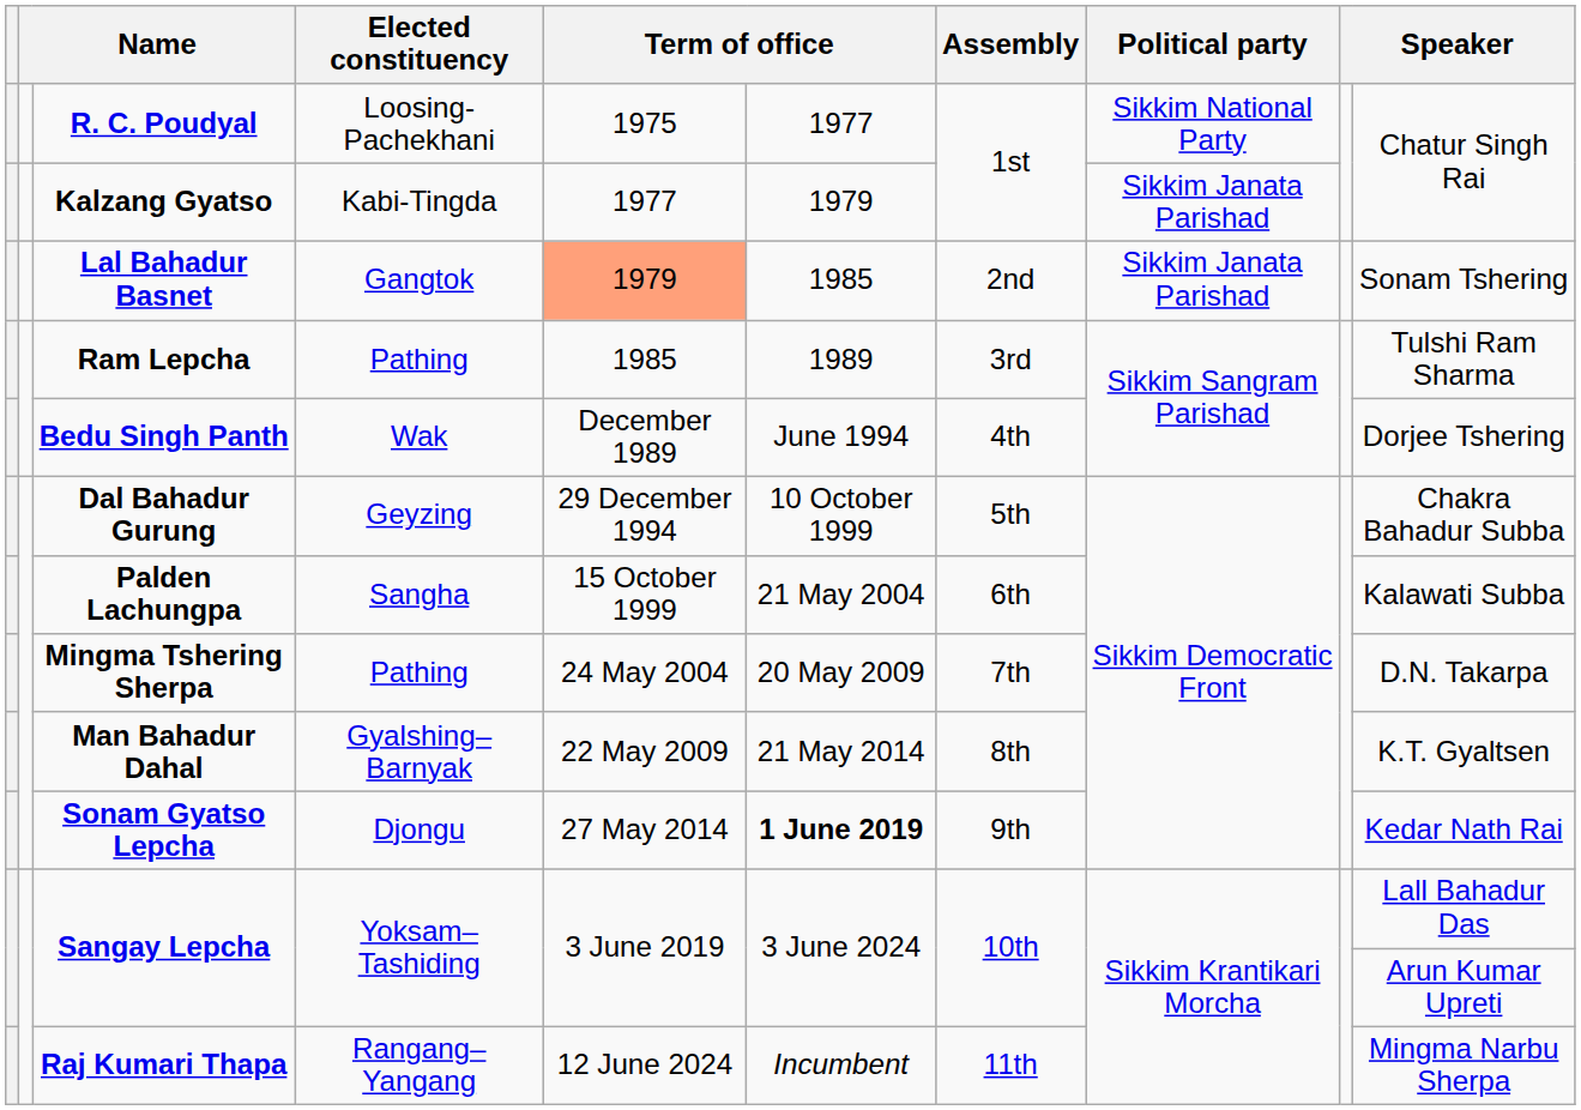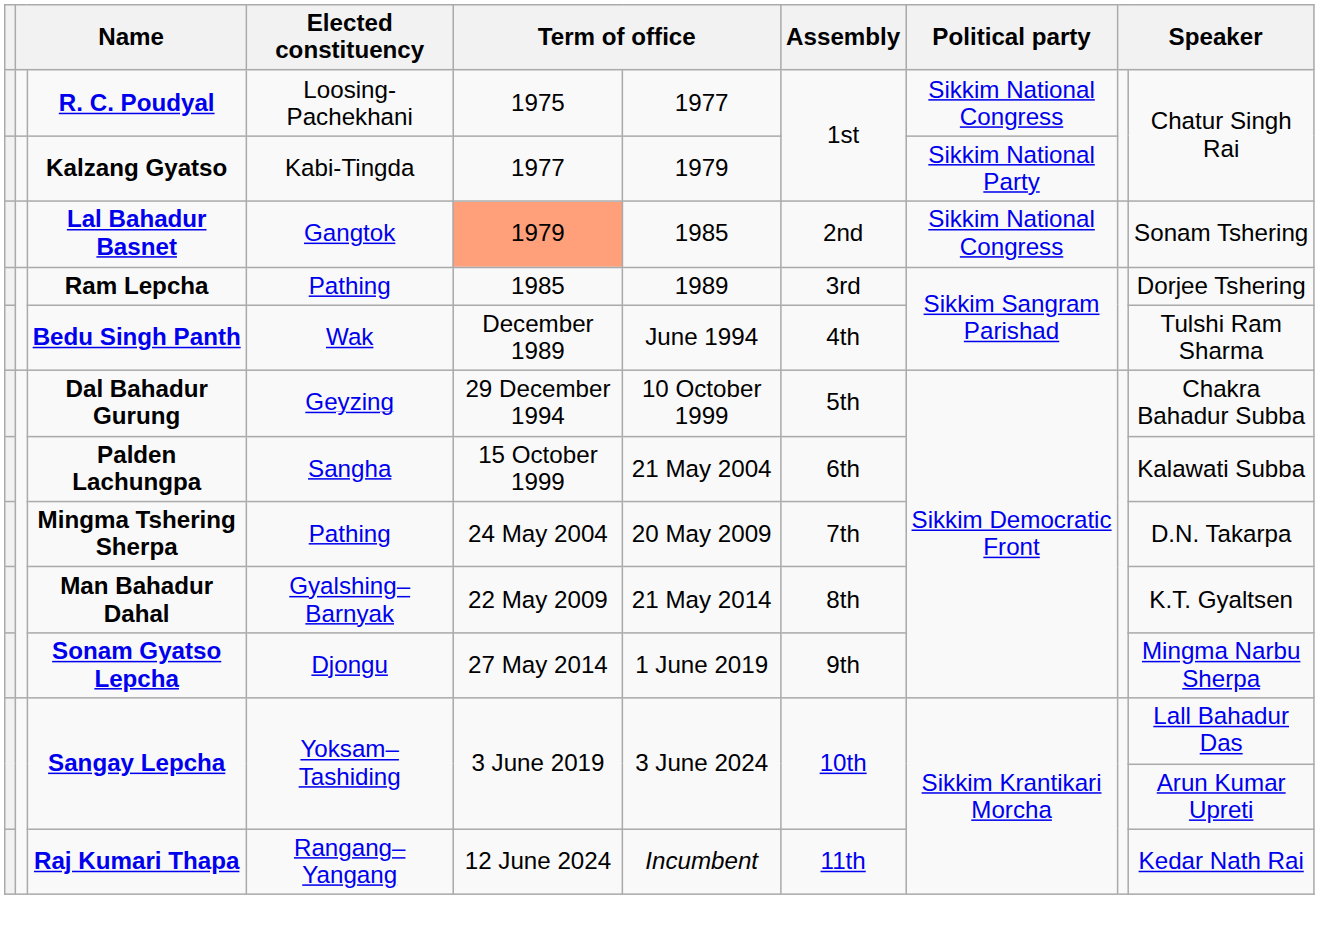 <table class="wikitable" style="text-align:center">
 <tr>
 <th></th>
 <th colspan="2">Name</th>
 <th>Elected constituency</th>
 <th colspan="2">Term of office</th>
 <th>Assembly</th>
 <th>Political party</th>
 <th colspan="2">Speaker</th>
 </tr>
 <tr>
 <th></th>
 <td style="background-color: "></td>
 <td><strong><a href='#'>R. C. Poudyal</a></strong></td>
 <td>Loosing-Pachekhani</td>
 <td>1975</td>
 <td>1977</td>
 <td rowspan="2">1st<br></td>
-<td><a href='#'>Sikkim National Party</a></td>
+<td><a href='#'>Sikkim National Congress</a></td>
 <td rowspan="2" style="background:"></td>
 <td rowspan="2">Chatur Singh Rai</td>
 </tr>
 <tr>
 <th></th>
 <td style="background:"></td>
 <td><strong>Kalzang Gyatso</strong></td>
 <td>Kabi-Tingda</td>
 <td>1977</td>
 <td>1979</td>
-<td><a href='#'>Sikkim Janata Parishad</a></td>
+<td><a href='#'>Sikkim National Party</a></td>
 </tr>
 <tr>
 <th></th>
 <td style="background:"></td>
 <td><strong><a href='#'>Lal Bahadur Basnet</a></strong></td>
 <td><a href='#'>Gangtok</a></td>
 <td style="background: lightsalmon;">1979</td>
 <td>1985</td>
 <td>2nd<br></td>
-<td><a href='#'>Sikkim Janata Parishad</a></td>
+<td><a href='#'>Sikkim National Congress</a></td>
 <td style="background:"></td>
 <td>Sonam Tshering</td>
 </tr>
 <tr>
 <th></th>
 <td rowspan="2" style="background:"></td>
 <td><strong>Ram Lepcha</strong></td>
 <td><a href='#'>Pathing</a></td>
 <td>1985</td>
 <td>1989</td>
 <td>3rd<br></td>
 <td rowspan="2"><a href='#'>Sikkim Sangram Parishad</a></td>
 <td rowspan="2" style="background:"></td>
-<td>Tulshi Ram Sharma</td>
+<td>Dorjee Tshering</td>
 </tr>
 <tr>
 <th></th>
 <td><strong><a href='#'>Bedu Singh Panth</a></strong></td>
 <td><a href='#'>Wak</a></td>
 <td>December 1989</td>
 <td>June 1994</td>
 <td>4th<br></td>
-<td>Dorjee Tshering</td>
+<td>Tulshi Ram Sharma</td>
 </tr>
 <tr>
 <th></th>
 <td rowspan="5" style="background:"></td>
 <td><strong>Dal Bahadur Gurung</strong></td>
 <td><a href='#'>Geyzing</a></td>
 <td>29 December 1994</td>
 <td>10 October 1999</td>
 <td>5th<br></td>
 <td rowspan="5"><a href='#'>Sikkim Democratic Front</a></td>
 <td rowspan="5" style="background:"></td>
 <td>Chakra Bahadur Subba</td>
 </tr>
 <tr>
 <th></th>
 <td><strong>Palden Lachungpa</strong></td>
 <td><a href='#'>Sangha</a></td>
 <td>15 October 1999</td>
 <td>21 May 2004</td>
 <td>6th<br></td>
 <td>Kalawati Subba</td>
 </tr>
 <tr>
 <th></th>
 <td><strong>Mingma Tshering Sherpa</strong></td>
 <td><a href='#'>Pathing</a></td>
 <td>24 May 2004</td>
 <td>20 May 2009</td>
 <td>7th<br></td>
 <td>D.N. Takarpa</td>
 </tr>
 <tr>
 <th></th>
 <td><strong>Man Bahadur Dahal</strong></td>
 <td><a href='#'>Gyalshing–Barnyak</a></td>
 <td>22 May 2009</td>
 <td>21 May 2014</td>
 <td>8th<br></td>
 <td>K.T. Gyaltsen</td>
 </tr>
 <tr>
 <th></th>
 <td><strong><a href='#'>Sonam Gyatso Lepcha</a></strong></td>
 <td><a href='#'>Djongu</a></td>
 <td>27 May 2014</td>
-<td><strong>1 June 2019</strong></td>
+<td>1 June 2019</td>
 <td>9th<br></td>
-<td><a href='#'>Kedar Nath Rai</a></td>
+<td><a href='#'>Mingma Narbu Sherpa</a></td>
 </tr>
 <tr>
 <th rowspan="2"></th>
 <td rowspan="3" style="background:"></td>
 <td rowspan="2"><strong><a href='#'>Sangay Lepcha</a></strong></td>
 <td rowspan="2"><a href='#'>Yoksam–Tashiding</a></td>
 <td rowspan="2">3 June 2019</td>
 <td rowspan="2">3 June 2024</td>
 <td rowspan="2"><a href='#'>10th</a><br></td>
 <td rowspan="3"><a href='#'>Sikkim Krantikari Morcha</a></td>
 <td rowspan="3" style="background:"></td>
 <td><a href='#'>Lall Bahadur Das</a></td>
 </tr>
 <tr>
 <td><a href='#'>Arun Kumar Upreti</a></td>
 </tr>
 <tr>
 <th></th>
 <td><strong><a href='#'>Raj Kumari Thapa</a></strong></td>
 <td><a href='#'>Rangang–Yangang</a></td>
 <td>12 June 2024</td>
 <td><em>Incumbent</em></td>
 <td><a href='#'>11th</a><br></td>
-<td><a href='#'>Mingma Narbu Sherpa</a></td>
+<td><a href='#'>Kedar Nath Rai</a></td>
 </tr>
 </table>
